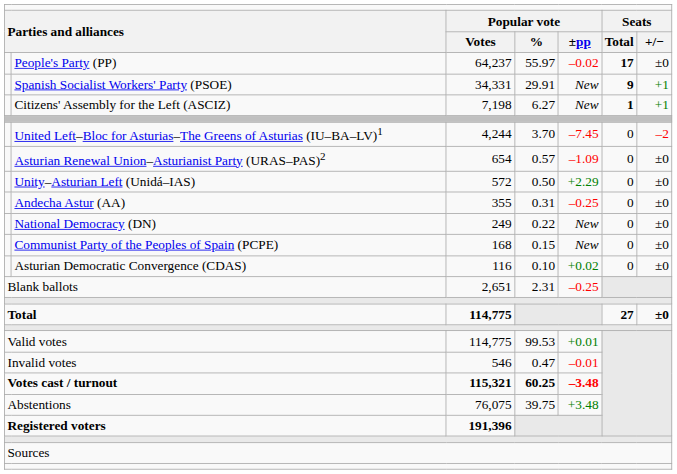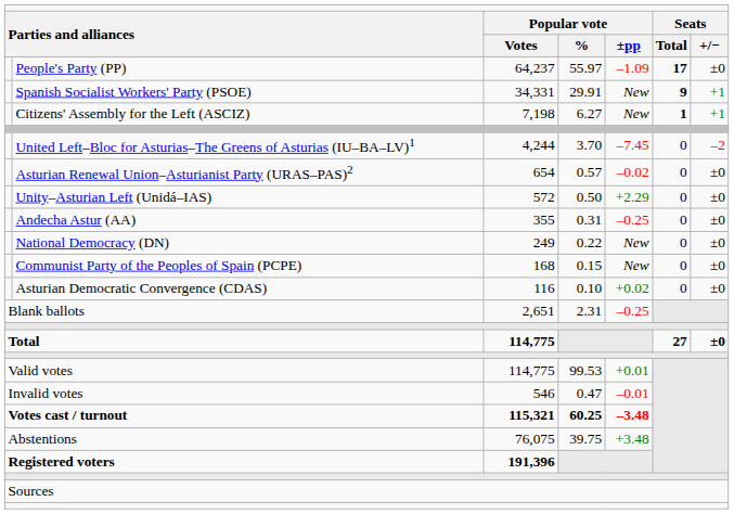 <table class="wikitable" style="text-align:right;">
 <tr>
 <td colspan="7"></td>
 </tr>
 <tr>
 <th style="text-align:left;" rowspan="2" colspan="2" width="525">Parties and alliances</th>
 <th colspan="3">Popular vote</th>
 <th colspan="2">Seats</th>
 </tr>
 <tr>
 <th width="75">Votes</th>
 <th width="45">%</th>
 <th width="45">±<a href='#'>pp</a></th>
 <th width="35">Total</th>
 <th width="35">+/−</th>
 </tr>
 <tr>
 <td width="1" style="color:inherit;background:"></td>
 <td align="left"><a href='#'>People's Party</a> (PP)</td>
 <td>64,237</td>
 <td>55.97</td>
-<td style="color:red;">–0.02</td>
+<td style="color:red;">–1.09</td>
 <td><strong>17</strong></td>
 <td>±0</td>
 </tr>
 <tr>
 <td style="color:inherit;background:"></td>
 <td align="left"><a href='#'>Spanish Socialist Workers' Party</a> (PSOE)</td>
 <td>34,331</td>
 <td>29.91</td>
 <td><em>New</em></td>
 <td><strong>9</strong></td>
 <td style="color:green;">+1</td>
 </tr>
 <tr>
 <td style="color:inherit;background:"></td>
 <td align="left">Citizens' Assembly for the Left (ASCIZ)</td>
 <td>7,198</td>
 <td>6.27</td>
 <td><em>New</em></td>
 <td><strong>1</strong></td>
 <td style="color:green;">+1</td>
 </tr>
 <tr>
 <td colspan="7" bgcolor="#C0C0C0"></td>
 </tr>
 <tr>
 <td style="color:inherit;background:"></td>
 <td align="left"><a href='#'>United Left</a>–<a href='#'>Bloc for Asturias</a>–<a href='#'>The Greens of Asturias</a> (IU–BA–LV)<sup>1</sup></td>
 <td>4,244</td>
 <td>3.70</td>
 <td style="color:red;">–7.45</td>
 <td>0</td>
 <td style="color:red;">–2</td>
 </tr>
 <tr>
 <td style="color:inherit;background:"></td>
 <td align="left"><a href='#'>Asturian Renewal Union</a>–<a href='#'>Asturianist Party</a> (URAS–PAS)<sup>2</sup></td>
 <td>654</td>
 <td>0.57</td>
-<td style="color:red;">–1.09</td>
+<td style="color:red;">–0.02</td>
 <td>0</td>
 <td>±0</td>
 </tr>
 <tr>
 <td style="color:inherit;background:"></td>
 <td align="left"><a href='#'>Unity</a>–<a href='#'>Asturian Left</a> (Unidá–IAS)</td>
 <td>572</td>
 <td>0.50</td>
 <td style="color:green;">+2.29</td>
 <td>0</td>
 <td>±0</td>
 </tr>
 <tr>
 <td style="color:inherit;background:"></td>
 <td align="left"><a href='#'>Andecha Astur</a> (AA)</td>
 <td>355</td>
 <td>0.31</td>
 <td style="color:red;">–0.25</td>
 <td>0</td>
 <td>±0</td>
 </tr>
 <tr>
 <td style="color:inherit;background:"></td>
 <td align="left"><a href='#'>National Democracy</a> (DN)</td>
 <td>249</td>
 <td>0.22</td>
 <td><em>New</em></td>
 <td>0</td>
 <td>±0</td>
 </tr>
 <tr>
 <td style="color:inherit;background:"></td>
 <td align="left"><a href='#'>Communist Party of the Peoples of Spain</a> (PCPE)</td>
 <td>168</td>
 <td>0.15</td>
 <td><em>New</em></td>
 <td>0</td>
 <td>±0</td>
 </tr>
 <tr>
 <td style="color:inherit;background:"></td>
 <td align="left">Asturian Democratic Convergence (CDAS)</td>
 <td>116</td>
 <td>0.10</td>
 <td style="color:green;">+0.02</td>
 <td>0</td>
 <td>±0</td>
 </tr>
 <tr>
 <td align="left" colspan="2">Blank ballots</td>
 <td>2,651</td>
 <td>2.31</td>
 <td style="color:red;">–0.25</td>
 <td bgcolor="#E9E9E9" colspan="2"></td>
 </tr>
 <tr>
 <td colspan="7" bgcolor="#E9E9E9"></td>
 </tr>
 <tr style="font-weight:bold;">
 <td align="left" colspan="2">Total</td>
 <td>114,775</td>
 <td bgcolor="#E9E9E9" colspan="2"></td>
 <td>27</td>
 <td>±0</td>
 </tr>
 <tr>
 <td colspan="7" bgcolor="#E9E9E9"></td>
 </tr>
 <tr>
 <td align="left" colspan="2">Valid votes</td>
 <td>114,775</td>
 <td>99.53</td>
 <td style="color:green;">+0.01</td>
 <td bgcolor="#E9E9E9" colspan="2" rowspan="5"></td>
 </tr>
 <tr>
 <td align="left" colspan="2">Invalid votes</td>
 <td>546</td>
 <td>0.47</td>
 <td style="color:red;">–0.01</td>
 </tr>
 <tr style="font-weight:bold;">
 <td align="left" colspan="2">Votes cast / turnout</td>
 <td>115,321</td>
 <td>60.25</td>
 <td style="color:red;">–3.48</td>
 </tr>
 <tr>
 <td align="left" colspan="2">Abstentions</td>
 <td>76,075</td>
 <td>39.75</td>
 <td style="color:green;">+3.48</td>
 </tr>
 <tr style="font-weight:bold;">
 <td align="left" colspan="2">Registered voters</td>
 <td>191,396</td>
 <td bgcolor="#E9E9E9" colspan="2"></td>
 </tr>
 <tr>
 <td colspan="7" bgcolor="#E9E9E9"></td>
 </tr>
 <tr>
 <td align="left" colspan="7">Sources</td>
 </tr>
 <tr>
 <td colspan="7" style="text-align:left; max-width:790px;"></td>
 </tr>
 </table>
